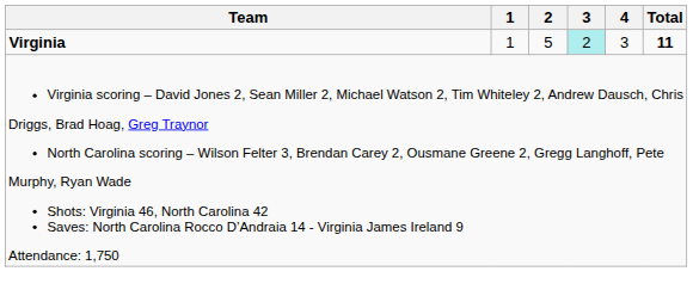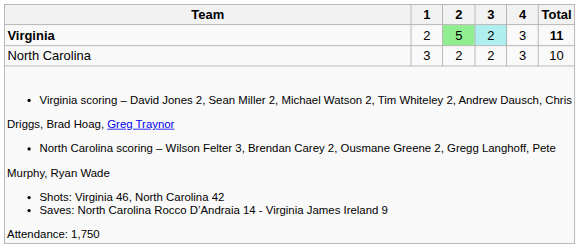 <table class="wikitable" style="text-align:center; max-width:45em">
 <tr>
 <th>Team</th>
 <th style="width:2em">1</th>
 <th style="width:2em">2</th>
 <th style="width:2em">3</th>
 <th style="width:2em">4</th>
 <th style="width:2em">Total</th>
 </tr>
 <tr>
 <td style="text-align:left"><strong>Virginia</strong></td>
-<td>1</td>
-<td>5</td>
+<td>2</td>
+<td style="background: lightgreen;">5</td>
 <td style="background: paleturquoise;">2</td>
 <td>3</td>
 <td><strong>11</strong></td>
 </tr>
 <tr>
+<td style="text-align:left">North Carolina</td>
+<td>3</td>
+<td>2</td>
+<td>2</td>
+<td>3</td>
+<td>10</td>
+</tr>
+<tr>
 <td colspan=6 style="text-align:left; font-size:88%;"><br><ul><li>Virginia scoring – David Jones 2, Sean Miller 2, Michael Watson 2, Tim Whiteley 2, Andrew Dausch, Chris</li></ul>Driggs, Brad Hoag, <a href='#'>Greg Traynor</a><ul><li>North Carolina scoring – Wilson Felter 3, Brendan Carey 2, Ousmane Greene 2, Gregg Langhoff, Pete</li></ul>Murphy, Ryan Wade<ul><li>Shots: Virginia 46, North Carolina 42</li><li>Saves: North Carolina Rocco D’Andraia 14 - Virginia James Ireland 9</li></ul>Attendance: 1,750 </td>
 </tr>
 </table>
